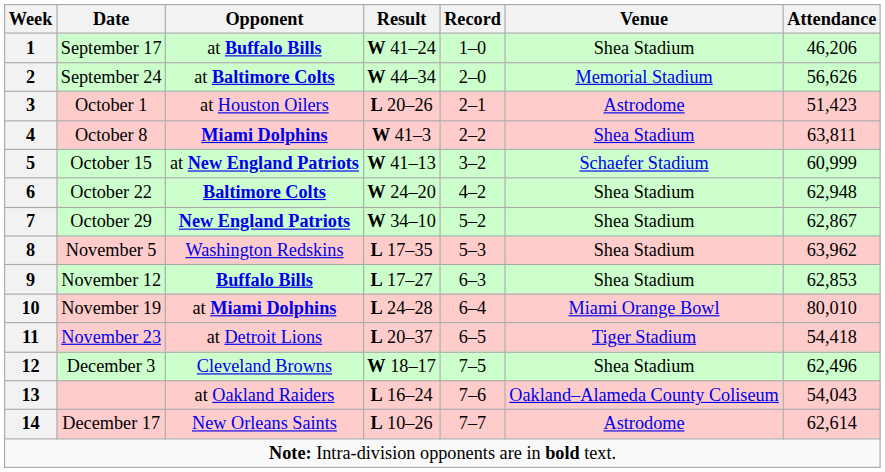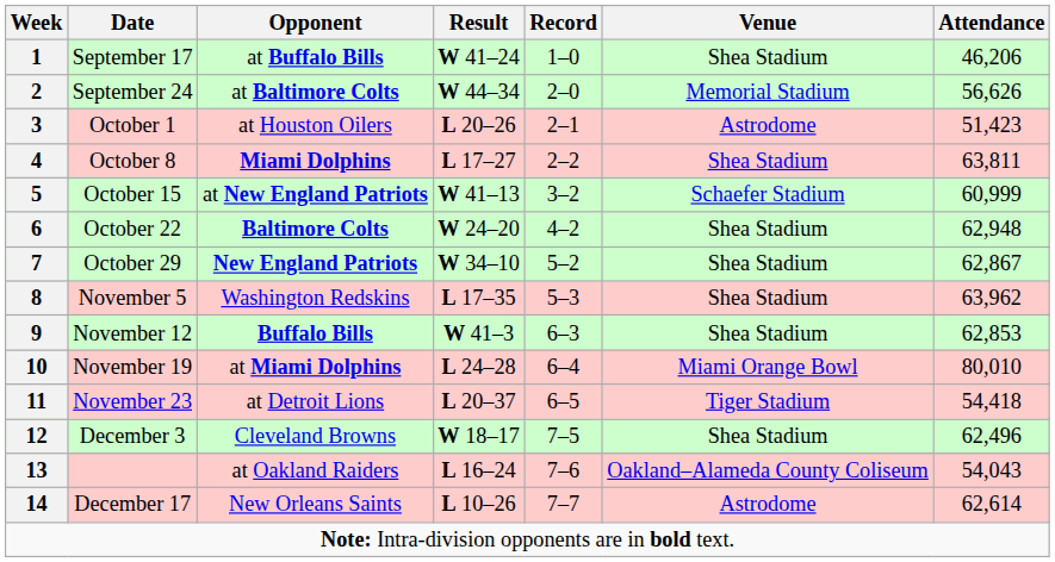 <table class="wikitable" style="text-align:center">
 <tr>
 <th>Week</th>
 <th>Date</th>
 <th>Opponent</th>
 <th>Result</th>
 <th>Record</th>
 <th>Venue</th>
 <th>Attendance</th>
 </tr>
 <tr style="background:#cfc">
 <th>1</th>
 <td>September 17</td>
 <td>at <strong><a href='#'>Buffalo Bills</a></strong></td>
 <td><strong>W</strong> 41–24</td>
 <td>1–0</td>
 <td>Shea Stadium</td>
 <td>46,206</td>
 </tr>
 <tr style="background:#cfc">
 <th>2</th>
 <td>September 24</td>
 <td>at <strong><a href='#'>Baltimore Colts</a></strong></td>
 <td><strong>W</strong> 44–34</td>
 <td>2–0</td>
 <td><a href='#'>Memorial Stadium</a></td>
 <td>56,626</td>
 </tr>
 <tr style="background:#fcc">
 <th>3</th>
 <td>October 1</td>
 <td>at <a href='#'>Houston Oilers</a></td>
 <td><strong>L</strong> 20–26</td>
 <td>2–1</td>
 <td><a href='#'>Astrodome</a></td>
 <td>51,423</td>
 </tr>
 <tr style="background:#fcc">
 <th>4</th>
 <td>October 8</td>
 <td><strong><a href='#'>Miami Dolphins</a></strong></td>
-<td><strong>W</strong> 41–3</td>
+<td><strong>L</strong> 17–27</td>
 <td>2–2</td>
 <td><a href='#'>Shea Stadium</a></td>
 <td>63,811</td>
 </tr>
 <tr style="background:#cfc">
 <th>5</th>
 <td>October 15</td>
 <td>at <strong><a href='#'>New England Patriots</a></strong></td>
 <td><strong>W</strong> 41–13</td>
 <td>3–2</td>
 <td><a href='#'>Schaefer Stadium</a></td>
 <td>60,999</td>
 </tr>
 <tr style="background:#cfc">
 <th>6</th>
 <td>October 22</td>
 <td><strong><a href='#'>Baltimore Colts</a></strong></td>
 <td><strong>W</strong> 24–20</td>
 <td>4–2</td>
 <td>Shea Stadium</td>
 <td>62,948</td>
 </tr>
 <tr style="background:#cfc">
 <th>7</th>
 <td>October 29</td>
 <td><strong><a href='#'>New England Patriots</a></strong></td>
 <td><strong>W</strong> 34–10</td>
 <td>5–2</td>
 <td>Shea Stadium</td>
 <td>62,867</td>
 </tr>
 <tr style="background:#fcc">
 <th>8</th>
 <td>November 5</td>
 <td><a href='#'>Washington Redskins</a></td>
 <td><strong>L</strong> 17–35</td>
 <td>5–3</td>
 <td>Shea Stadium</td>
 <td>63,962</td>
 </tr>
 <tr style="background:#cfc">
 <th>9</th>
 <td>November 12</td>
 <td><strong><a href='#'>Buffalo Bills</a></strong></td>
-<td><strong>L</strong> 17–27</td>
+<td><strong>W</strong> 41–3</td>
 <td>6–3</td>
 <td>Shea Stadium</td>
 <td>62,853</td>
 </tr>
 <tr style="background:#fcc">
 <th>10</th>
 <td>November 19</td>
 <td>at <strong><a href='#'>Miami Dolphins</a></strong></td>
 <td><strong>L</strong> 24–28</td>
 <td>6–4</td>
 <td><a href='#'>Miami Orange Bowl</a></td>
 <td>80,010</td>
 </tr>
 <tr style="background:#fcc">
 <th>11</th>
 <td><a href='#'>November 23</a></td>
 <td>at <a href='#'>Detroit Lions</a></td>
 <td><strong>L</strong> 20–37</td>
 <td>6–5</td>
 <td><a href='#'>Tiger Stadium</a></td>
 <td>54,418</td>
 </tr>
 <tr style="background:#cfc">
 <th>12</th>
 <td>December 3</td>
 <td><a href='#'>Cleveland Browns</a></td>
 <td><strong>W</strong> 18–17</td>
 <td>7–5</td>
 <td>Shea Stadium</td>
 <td>62,496</td>
 </tr>
 <tr style="background:#fcc">
 <th>13</th>
 <td></td>
 <td>at <a href='#'>Oakland Raiders</a></td>
 <td><strong>L</strong> 16–24</td>
 <td>7–6</td>
 <td><a href='#'>Oakland–Alameda County Coliseum</a></td>
 <td>54,043</td>
 </tr>
 <tr style="background:#fcc">
 <th>14</th>
 <td>December 17</td>
 <td><a href='#'>New Orleans Saints</a></td>
 <td><strong>L</strong> 10–26</td>
 <td>7–7</td>
 <td><a href='#'>Astrodome</a></td>
 <td>62,614</td>
 </tr>
 <tr>
 <td colspan="8"><strong>Note:</strong> Intra-division opponents are in <strong>bold</strong> text.</td>
 </tr>
 </table>
